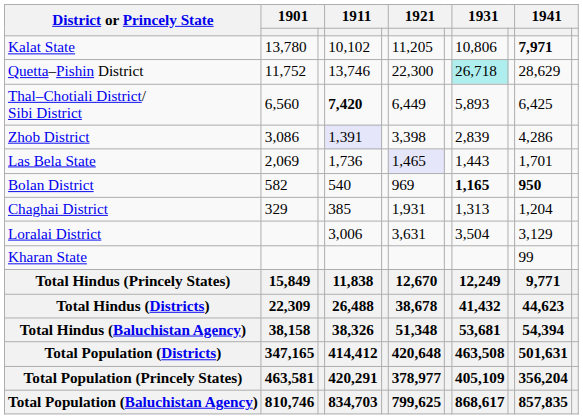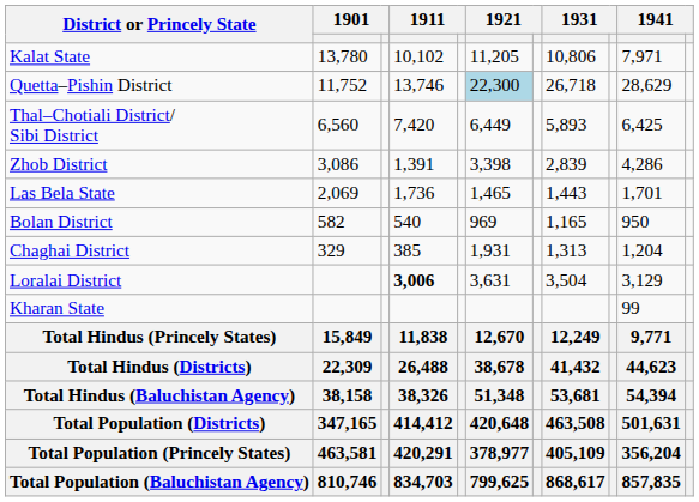 <table class="wikitable sortable">
 <tr>
 <th rowspan="2"><a href='#'>District</a> or <a href='#'>Princely State</a></th>
 <th colspan="2">1901</th>
 <th colspan="2">1911</th>
 <th colspan="2">1921</th>
 <th colspan="2">1931</th>
 <th colspan="2">1941</th>
 </tr>
 <tr>
 <th><a href='#'></a></th>
 <th></th>
 <th></th>
 <th></th>
 <th></th>
 <th></th>
 <th></th>
 <th></th>
 <th></th>
 <th></th>
 </tr>
 <tr>
 <td><a href='#'>Kalat State</a></td>
 <td>13,780</td>
 <td></td>
 <td>10,102</td>
 <td></td>
 <td>11,205</td>
 <td></td>
 <td>10,806</td>
 <td></td>
-<td><strong>7,971</strong></td>
+<td>7,971</td>
 <td></td>
 </tr>
 <tr>
 <td><a href='#'>Quetta</a>–<a href='#'>Pishin</a> District</td>
 <td>11,752</td>
 <td></td>
 <td>13,746</td>
 <td></td>
-<td>22,300</td>
+<td style="background: lightblue;">22,300</td>
 <td></td>
-<td style="background: paleturquoise;">26,718</td>
+<td>26,718</td>
 <td></td>
 <td>28,629</td>
 <td></td>
 </tr>
 <tr>
 <td><a href='#'>Thal–Chotiali District</a>/<br><a href='#'>Sibi District</a></td>
 <td>6,560</td>
 <td></td>
-<td><strong>7,420</strong></td>
+<td>7,420</td>
 <td></td>
 <td>6,449</td>
 <td></td>
 <td>5,893</td>
 <td></td>
 <td>6,425</td>
 <td></td>
 </tr>
 <tr>
 <td><a href='#'>Zhob District</a></td>
 <td>3,086</td>
 <td></td>
-<td style="background: lavender;">1,391</td>
+<td>1,391</td>
 <td></td>
 <td>3,398</td>
 <td></td>
 <td>2,839</td>
 <td></td>
 <td>4,286</td>
 <td></td>
 </tr>
 <tr>
 <td><a href='#'>Las Bela State</a></td>
 <td>2,069</td>
 <td></td>
 <td>1,736</td>
 <td></td>
-<td style="background: lavender;">1,465</td>
+<td>1,465</td>
 <td></td>
 <td>1,443</td>
 <td></td>
 <td>1,701</td>
 <td></td>
 </tr>
 <tr>
 <td><a href='#'>Bolan District</a></td>
 <td>582</td>
 <td></td>
 <td>540</td>
 <td></td>
 <td>969</td>
 <td></td>
-<td><strong>1,165</strong></td>
+<td>1,165</td>
 <td></td>
-<td><strong>950</strong></td>
+<td>950</td>
 <td></td>
 </tr>
 <tr>
 <td><a href='#'>Chaghai District</a></td>
 <td>329</td>
 <td></td>
 <td>385</td>
 <td></td>
 <td>1,931</td>
 <td></td>
 <td>1,313</td>
 <td></td>
 <td>1,204</td>
 <td></td>
 </tr>
 <tr>
 <td><a href='#'>Loralai District</a></td>
 <td></td>
 <td></td>
-<td>3,006</td>
+<td><strong>3,006</strong></td>
 <td></td>
 <td>3,631</td>
 <td></td>
 <td>3,504</td>
 <td></td>
 <td>3,129</td>
 <td></td>
 </tr>
 <tr>
 <td><a href='#'>Kharan State</a></td>
 <td></td>
 <td></td>
 <td></td>
 <td></td>
 <td></td>
 <td></td>
 <td></td>
 <td></td>
 <td>99</td>
 <td></td>
 </tr>
 <tr>
 <th>Total Hindus (Princely States)</th>
 <th>15,849</th>
 <th></th>
 <th>11,838</th>
 <th></th>
 <th>12,670</th>
 <th></th>
 <th>12,249</th>
 <th></th>
 <th>9,771</th>
 <th></th>
 </tr>
 <tr class="sortbottom">
 <th>Total Hindus (<a href='#'>Districts</a>)</th>
 <th>22,309</th>
 <th></th>
 <th>26,488</th>
 <th></th>
 <th>38,678</th>
 <th></th>
 <th>41,432</th>
 <th></th>
 <th>44,623</th>
 <th></th>
 </tr>
 <tr class="sortbottom">
 <th>Total Hindus (<a href='#'>Baluchistan Agency</a>)</th>
 <th>38,158</th>
 <th></th>
 <th>38,326</th>
 <th></th>
 <th>51,348</th>
 <th></th>
 <th>53,681</th>
 <th></th>
 <th>54,394</th>
 <th></th>
 </tr>
 <tr class="sortbottom">
 <th>Total Population (<a href='#'>Districts</a>)</th>
 <th>347,165</th>
 <th></th>
 <th>414,412</th>
 <th></th>
 <th>420,648</th>
 <th></th>
 <th>463,508</th>
 <th></th>
 <th>501,631</th>
 <th></th>
 </tr>
 <tr class="sortbottom">
 <th>Total Population (Princely States)</th>
 <th>463,581</th>
 <th></th>
 <th>420,291</th>
 <th></th>
 <th>378,977</th>
 <th></th>
 <th>405,109</th>
 <th></th>
 <th>356,204</th>
 <th></th>
 </tr>
 <tr class="sortbottom">
 <th>Total Population (<a href='#'>Baluchistan Agency</a>)</th>
 <th>810,746</th>
 <th></th>
 <th>834,703</th>
 <th></th>
 <th>799,625</th>
 <th></th>
 <th>868,617</th>
 <th></th>
 <th>857,835</th>
 <th></th>
 </tr>
 </table>
